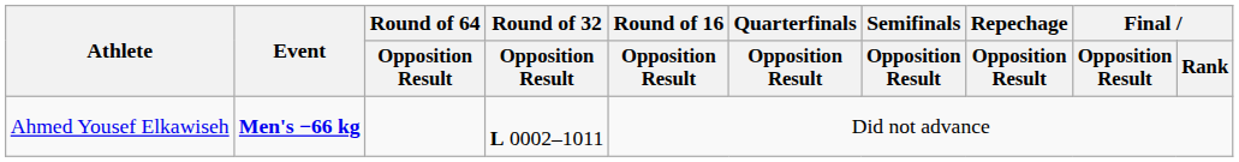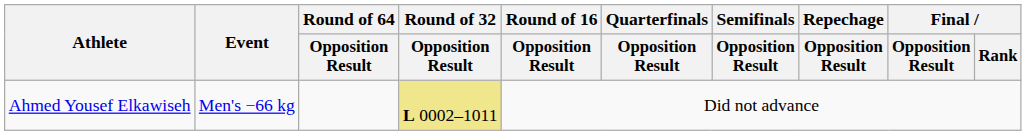 <table class="wikitable" style="font-size:90%">
 <tr>
 <th rowspan="2">Athlete</th>
 <th rowspan="2">Event</th>
 <th>Round of 64</th>
 <th>Round of 32</th>
 <th>Round of 16</th>
 <th>Quarterfinals</th>
 <th>Semifinals</th>
 <th>Repechage</th>
 <th colspan=2>Final / </th>
 </tr>
 <tr style="font-size:95%">
 <th>Opposition<br>Result</th>
 <th>Opposition<br>Result</th>
 <th>Opposition<br>Result</th>
 <th>Opposition<br>Result</th>
 <th>Opposition<br>Result</th>
 <th>Opposition<br>Result</th>
 <th>Opposition<br>Result</th>
 <th>Rank</th>
 </tr>
 <tr align=center>
 <td align=left><a href='#'>Ahmed Yousef Elkawiseh</a></td>
-<td align=left><strong><a href='#'>Men's −66 kg</a></strong></td>
+<td align=left><a href='#'>Men's −66 kg</a></td>
 <td></td>
-<td><br><strong>L</strong> 0002–1011</td>
+<td style="background: khaki;"><br><strong>L</strong> 0002–1011</td>
 <td colspan=6>Did not advance</td>
 </tr>
 </table>
